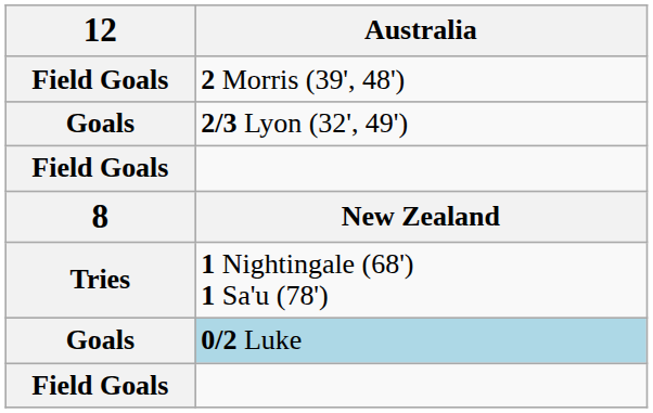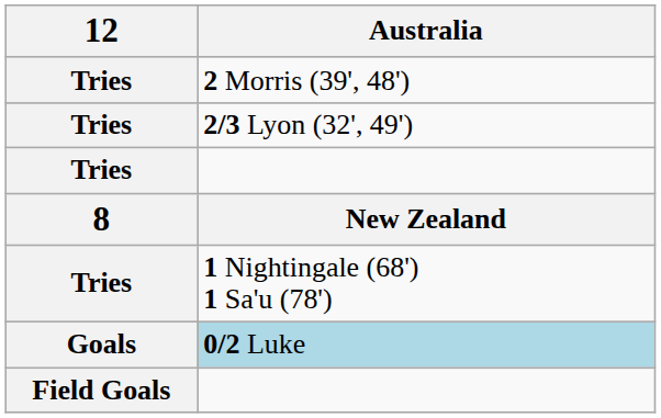 <table class="wikitable" style="margin:auto; text-align:left;" cellspacing="2">
 <tr>
 <th width=100><big>12</big></th>
 <th width=250> Australia</th>
 </tr>
 <tr>
-<th>Field Goals</th>
+<th>Tries</th>
 <td><strong>2</strong> Morris (39', 48')</td>
 </tr>
 <tr>
-<th>Goals</th>
+<th>Tries</th>
 <td><strong>2/3</strong> Lyon (32', 49')</td>
 </tr>
 <tr>
-<th>Field Goals</th>
+<th>Tries</th>
 <td></td>
 </tr>
 <tr>
 <th><big>8</big></th>
 <th> New Zealand</th>
 </tr>
 <tr>
 <th>Tries</th>
 <td><strong>1</strong> Nightingale (68')<br><strong>1</strong> Sa'u (78')</td>
 </tr>
 <tr>
 <th>Goals</th>
 <td style="background: lightblue;"><strong>0/2</strong> Luke</td>
 </tr>
 <tr>
 <th>Field Goals</th>
 <td></td>
 </tr>
 </table>
